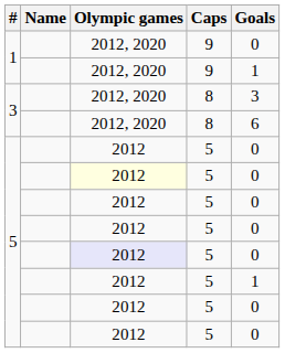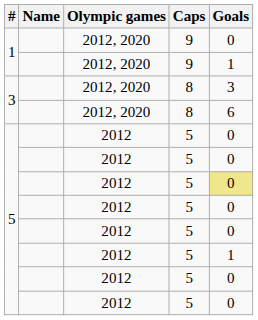 <table class="wikitable sortable" style="text-align:center">
 <tr>
 <th>#</th>
 <th>Name</th>
 <th>Olympic games</th>
 <th>Caps</th>
 <th>Goals</th>
 </tr>
 <tr>
 <td rowspan=2>1</td>
 <td align="left"> <strong></strong></td>
 <td>2012, 2020</td>
 <td>9</td>
 <td>0</td>
 </tr>
 <tr>
 <td align="left"> </td>
 <td>2012, 2020</td>
 <td>9</td>
 <td>1</td>
 </tr>
 <tr>
 <td rowspan=2>3</td>
 <td align="left"> </td>
 <td>2012, 2020</td>
 <td>8</td>
 <td>3</td>
 </tr>
 <tr>
 <td align="left"> </td>
 <td>2012, 2020</td>
 <td>8</td>
 <td>6</td>
 </tr>
 <tr>
 <td rowspan=8>5</td>
 <td align="left"> </td>
 <td>2012</td>
 <td>5</td>
 <td>0</td>
 </tr>
 <tr>
 <td align="left"> </td>
-<td style="background: lightyellow;">2012</td>
+<td>2012</td>
 <td>5</td>
 <td>0</td>
+</tr>
+<tr>
+<td align="left"> </td>
+<td>2012</td>
+<td>5</td>
+<td style="background: khaki;">0</td>
 </tr>
 <tr>
 <td align="left"> </td>
 <td>2012</td>
 <td>5</td>
 <td>0</td>
 </tr>
 <tr>
 <td align="left"> </td>
 <td>2012</td>
-<td>5</td>
-<td>0</td>
-</tr>
-<tr>
-<td align="left"> </td>
-<td style="background: lavender;">2012</td>
 <td>5</td>
 <td>0</td>
 </tr>
 <tr>
 <td align="left"> </td>
 <td>2012</td>
 <td>5</td>
 <td>1</td>
 </tr>
 <tr>
 <td align="left"> </td>
 <td>2012</td>
 <td>5</td>
 <td>0</td>
 </tr>
 <tr>
 <td align="left"> </td>
 <td>2012</td>
 <td>5</td>
 <td>0</td>
 </tr>
 </table>
